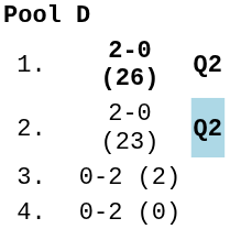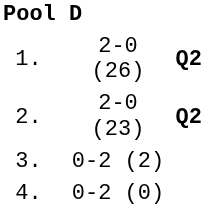 <table style="text-align:center">
 <tr>
 <td colspan=4 align=left><strong>Pool D</strong></td>
 </tr>
 <tr>
 <td width=30>1.</td>
 <td align=left></td>
-<td width=60><strong>2-0 (26)</strong></td>
+<td width=60>2-0 (26)</td>
 <td><strong>Q2</strong></td>
 </tr>
 <tr>
 <td>2.</td>
 <td align=left></td>
 <td>2-0 (23)</td>
-<td style="background: lightblue;"><strong>Q2</strong></td>
+<td><strong>Q2</strong></td>
 </tr>
 <tr>
 <td>3.</td>
 <td align=left></td>
 <td>0-2 (2)</td>
 <td></td>
 </tr>
 <tr>
 <td>4.</td>
 <td align=left></td>
 <td>0-2 (0)</td>
 <td></td>
 </tr>
 </table>
